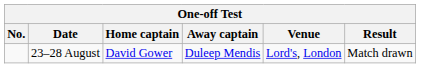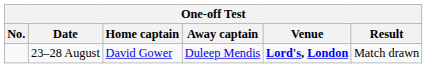 <table class="wikitable">
 <tr>
 <th colspan="9">One-off Test</th>
 </tr>
 <tr>
 <th>No.</th>
 <th>Date</th>
 <th>Home captain</th>
 <th>Away captain</th>
 <th>Venue</th>
 <th>Result</th>
 </tr>
 <tr>
 <td></td>
 <td>23–28 August</td>
 <td><a href='#'>David Gower</a></td>
 <td><a href='#'>Duleep Mendis</a></td>
-<td><a href='#'>Lord's</a>, <a href='#'>London</a></td>
+<td><strong><a href='#'>Lord's</a>, <a href='#'>London</a></strong></td>
 <td>Match drawn</td>
 </tr>
 </table>
